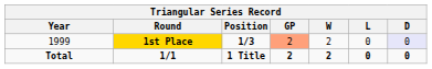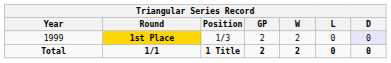 <table class="wikitable" style="text-align: center;">
 <tr>
 <th colspan=9>Triangular Series Record</th>
 </tr>
 <tr>
 <th width=150>Year</th>
 <th width=150>Round</th>
 <th width=50>Position</th>
 <th width=50>GP</th>
 <th width=50>W</th>
 <th width=50>L</th>
 <th width=50>D</th>
 </tr>
 <tr>
 <td>1999</td>
 <td style="background:Gold;"><strong>1st Place</strong></td>
-<td><strong>1/3</strong></td>
-<td style="background: lightsalmon;">2</td>
+<td>1/3</td>
+<td>2</td>
 <td>2</td>
 <td>0</td>
 <td style="background: lavender;">0</td>
 </tr>
 <tr>
 <td><strong>Total</strong></td>
 <td><strong>1/1</strong></td>
 <td><strong>1 Title</strong></td>
 <td><strong>2</strong></td>
 <td><strong>2</strong></td>
 <td><strong>0</strong></td>
 <td><strong>0</strong></td>
 </tr>
 </table>
